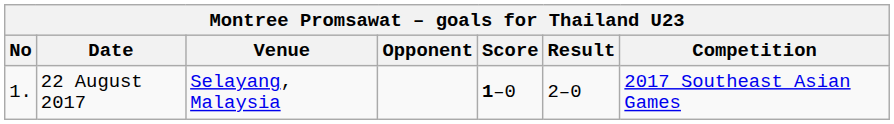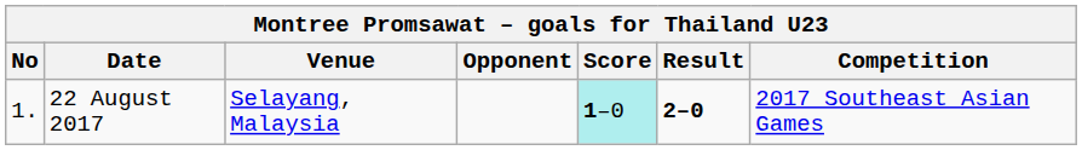 <table class="wikitable">
 <tr>
 <th colspan="8"><strong>Montree Promsawat – goals for Thailand U23</strong></th>
 </tr>
 <tr>
 <th>No</th>
 <th>Date</th>
 <th>Venue</th>
 <th>Opponent</th>
 <th>Score</th>
 <th>Result</th>
 <th>Competition</th>
 </tr>
 <tr>
 <td>1.</td>
 <td>22 August 2017</td>
 <td><a href='#'>Selayang</a>, <a href='#'>Malaysia</a></td>
 <td></td>
-<td><strong>1</strong>–0</td>
-<td>2–0</td>
+<td style="background: paleturquoise;"><strong>1</strong>–0</td>
+<td><strong>2–0</strong></td>
 <td><a href='#'>2017 Southeast Asian Games</a></td>
 </tr>
 </table>
